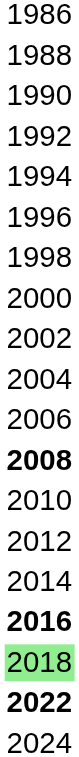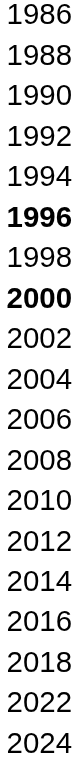 <table>
 <tr>
 <td>1986</td>
 <td></td>
 <td></td>
 <td></td>
 </tr>
 <tr>
 <td>1988</td>
 <td></td>
 <td></td>
 <td></td>
 </tr>
 <tr>
 <td>1990</td>
 <td></td>
 <td></td>
 <td></td>
 </tr>
 <tr>
 <td>1992</td>
 <td></td>
 <td></td>
 <td></td>
 </tr>
 <tr>
 <td>1994</td>
 <td></td>
 <td></td>
 <td></td>
 </tr>
 <tr>
-<td>1996</td>
+<td><strong>1996</strong></td>
 <td></td>
 <td></td>
 <td></td>
 </tr>
 <tr>
 <td>1998</td>
 <td></td>
 <td></td>
 <td></td>
 </tr>
 <tr>
-<td>2000</td>
+<td><strong>2000</strong></td>
 <td></td>
 <td></td>
 <td></td>
 </tr>
 <tr>
 <td>2002</td>
 <td></td>
 <td></td>
 <td></td>
 </tr>
 <tr>
 <td>2004</td>
 <td></td>
 <td></td>
 <td></td>
 </tr>
 <tr>
 <td>2006</td>
 <td></td>
 <td></td>
 <td></td>
 </tr>
 <tr>
-<td><strong>2008</strong></td>
+<td>2008</td>
 <td></td>
 <td></td>
 <td></td>
 </tr>
 <tr>
 <td>2010</td>
 <td></td>
 <td></td>
 <td></td>
 </tr>
 <tr>
 <td>2012</td>
 <td></td>
 <td></td>
 <td></td>
 </tr>
 <tr>
 <td>2014</td>
 <td></td>
 <td></td>
 <td></td>
 </tr>
 <tr>
-<td><strong>2016</strong></td>
+<td>2016</td>
 <td></td>
 <td></td>
 <td></td>
 </tr>
 <tr>
-<td style="background: lightgreen;">2018</td>
+<td>2018</td>
 <td></td>
 <td></td>
 <td></td>
 </tr>
 <tr>
-<td><strong>2022</strong></td>
+<td>2022</td>
 <td></td>
 <td></td>
 <td></td>
 </tr>
 <tr>
 <td>2024</td>
 <td></td>
 <td><br></td>
 <td></td>
 </tr>
 </table>
